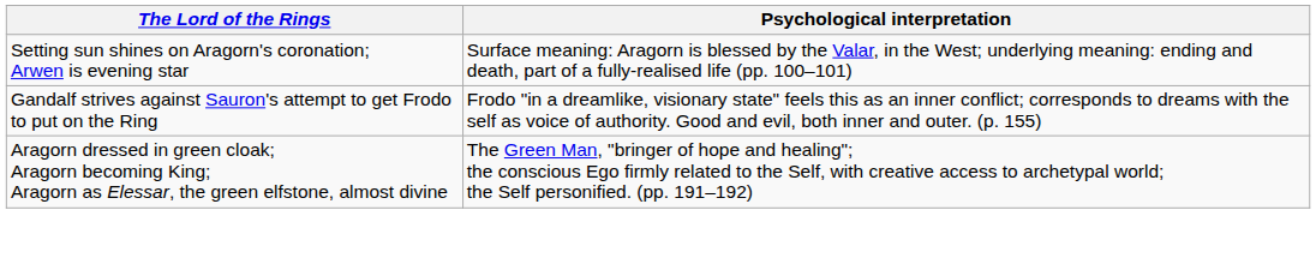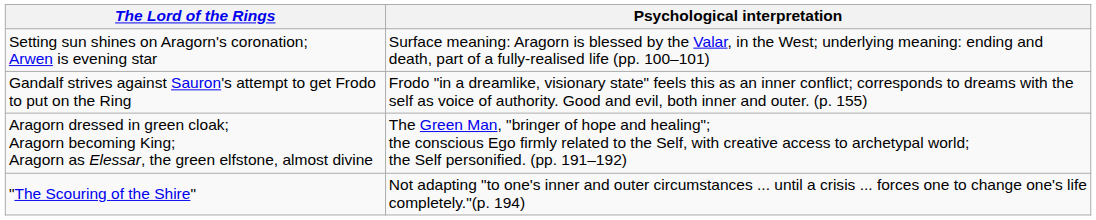 <table class="wikitable" style="max-width:70em; margin-left: auto; margin-right: auto; border: none">
 <tr>
 <th scope="col" style="width: 35%"><em><a href='#'>The Lord of the Rings</a></em></th>
 <th>Psychological interpretation</th>
 </tr>
 <tr>
 <td>Setting sun shines on Aragorn's coronation;<br><a href='#'>Arwen</a> is evening star</td>
 <td>Surface meaning: Aragorn is blessed by the <a href='#'>Valar</a>, in the West; underlying meaning: ending and death, part of a fully-realised life (pp. 100–101)</td>
 </tr>
 <tr>
 <td>Gandalf strives against <a href='#'>Sauron</a>'s attempt to get Frodo to put on the Ring</td>
 <td>Frodo "in a dreamlike, visionary state" feels this as an inner conflict; corresponds to dreams with the self as voice of authority. Good and evil, both inner and outer. (p. 155)</td>
 </tr>
 <tr>
 <td>Aragorn dressed in green cloak;<br>Aragorn becoming King;<br>Aragorn as <em>Elessar</em>, the green elfstone, almost divine</td>
 <td>The <a href='#'>Green Man</a>, "bringer of hope and healing";<br>the conscious Ego firmly related to the Self, with creative access to archetypal world;<br>the Self personified. (pp. 191–192)</td>
 </tr>
+<tr>
+<td>"<a href='#'>The Scouring of the Shire</a>"</td>
+<td>Not adapting "to one's inner and outer circumstances ... until a crisis ... forces one to change one's life completely."(p. 194)</td>
+</tr>
 </table>
